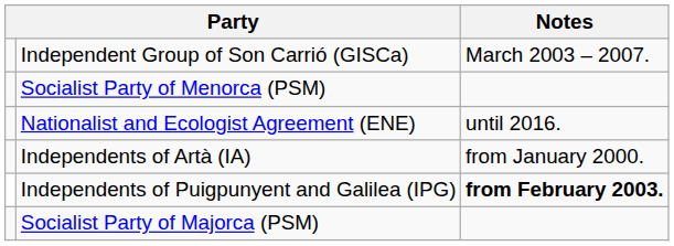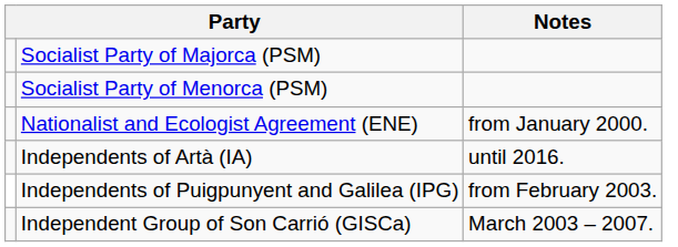 <table class="wikitable" style="text-align:left; font-size:97%;">
 <tr>
 <th colspan="2">Party</th>
 <th>Notes</th>
 </tr>
 <tr>
+<td width="1"></td>
+<td><a href='#'>Socialist Party of Majorca</a> (PSM)</td>
 <td></td>
-<td>Independent Group of Son Carrió (GISCa)</td>
-<td>March 2003 – 2007.</td>
 </tr>
 <tr>
 <td></td>
 <td><a href='#'>Socialist Party of Menorca</a> (PSM)</td>
 <td></td>
 </tr>
 <tr>
 <td></td>
 <td><a href='#'>Nationalist and Ecologist Agreement</a> (ENE)</td>
-<td>until 2016.</td>
+<td>from January 2000.</td>
 </tr>
 <tr>
 <td></td>
 <td>Independents of Artà (IA)</td>
-<td>from January 2000.</td>
+<td>until 2016.</td>
 </tr>
 <tr>
 <td bgcolor="white"></td>
 <td>Independents of Puigpunyent and Galilea (IPG)</td>
-<td><strong>from February 2003.</strong></td>
+<td>from February 2003.</td>
 </tr>
 <tr>
-<td width="1"></td>
-<td><a href='#'>Socialist Party of Majorca</a> (PSM)</td>
 <td></td>
+<td>Independent Group of Son Carrió (GISCa)</td>
+<td>March 2003 – 2007.</td>
 </tr>
 </table>
